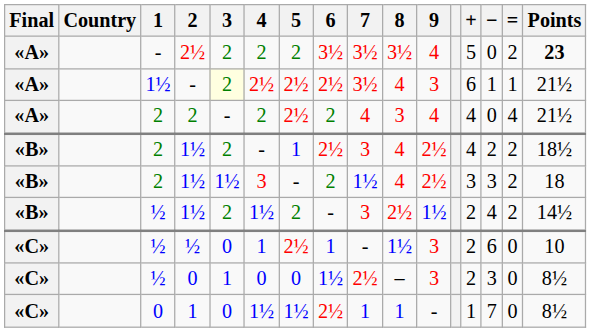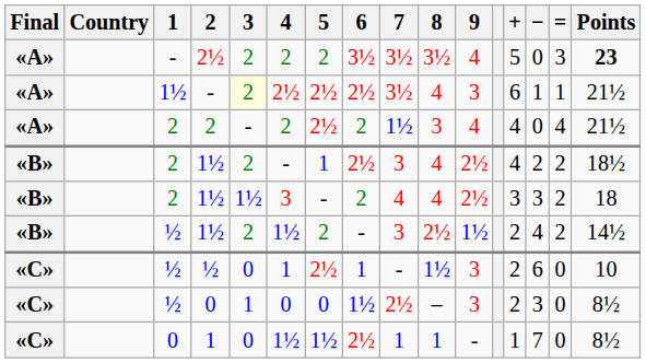 <table class="wikitable" style="text-align:center">
 <tr>
 <th>Final</th>
 <th>Country</th>
 <th>1</th>
 <th>2</th>
 <th>3</th>
 <th>4</th>
 <th>5</th>
 <th>6</th>
 <th>7</th>
 <th>8</th>
 <th>9</th>
 <th></th>
 <th>+</th>
 <th>−</th>
 <th>=</th>
 <th>Points</th>
 </tr>
 <tr>
 <th>«A»</th>
 <td style="text-align: left"></td>
 <td>-</td>
 <td style="color: red;">2½</td>
 <td style="color: green">2</td>
 <td style="color: green">2</td>
 <td style="color: green">2</td>
 <td style="color: red;">3½</td>
 <td style="color: red;">3½</td>
 <td style="color: red;">3½</td>
 <td style="color: red;">4</td>
 <th></th>
 <td>5</td>
 <td>0</td>
-<td>2</td>
+<td>3</td>
 <td><strong>23</strong></td>
 </tr>
 <tr>
 <th>«A»</th>
 <td style="text-align: left"></td>
 <td style="color: blue;">1½</td>
 <td>-</td>
 <td style="background: lightyellow; color: green">2</td>
 <td style="color: red;">2½</td>
 <td style="color: red;">2½</td>
 <td style="color: red;">2½</td>
 <td style="color: red;">3½</td>
 <td style="color: red;">4</td>
 <td style="color: red;">3</td>
 <th></th>
 <td>6</td>
 <td>1</td>
 <td>1</td>
 <td>21½</td>
 </tr>
 <tr>
 <th>«A»</th>
 <td style="text-align: left"></td>
 <td style="color: green">2</td>
 <td style="color: green">2</td>
 <td>-</td>
 <td style="color: green">2</td>
 <td style="color: red;">2½</td>
 <td style="color: green">2</td>
-<td style="color: red;">4</td>
+<td style="color: blue;">1½</td>
 <td style="color: red;">3</td>
 <td style="color: red;">4</td>
 <th></th>
 <td>4</td>
 <td>0</td>
 <td>4</td>
 <td>21½</td>
 </tr>
 <tr style="border-top:2px solid grey;">
 <th>«B»</th>
 <td style="text-align: left"></td>
 <td style="color: green">2</td>
 <td style="color: blue;">1½</td>
 <td style="color: green">2</td>
 <td>-</td>
 <td style="color: blue;">1</td>
 <td style="color: red;">2½</td>
 <td style="color: red;">3</td>
 <td style="color: red;">4</td>
 <td style="color: red;">2½</td>
 <th></th>
 <td>4</td>
 <td>2</td>
 <td>2</td>
 <td>18½</td>
 </tr>
 <tr>
 <th>«B»</th>
 <td style="text-align: left"></td>
 <td style="color: green">2</td>
 <td style="color: blue;">1½</td>
 <td style="color: blue;">1½</td>
 <td style="color: red;">3</td>
 <td>-</td>
 <td style="color: green">2</td>
-<td style="color: blue;">1½</td>
+<td style="color: red;">4</td>
 <td style="color: red;">4</td>
 <td style="color: red;">2½</td>
 <th></th>
 <td>3</td>
 <td>3</td>
 <td>2</td>
 <td>18</td>
 </tr>
 <tr>
 <th>«B»</th>
 <td style="text-align: left"></td>
 <td style="color: blue;">½</td>
 <td style="color: blue;">1½</td>
 <td style="color: green">2</td>
 <td style="color: blue;">1½</td>
 <td style="color: green">2</td>
 <td>-</td>
 <td style="color: red;">3</td>
 <td style="color: red;">2½</td>
 <td style="color: blue;">1½</td>
 <th></th>
 <td>2</td>
 <td>4</td>
 <td>2</td>
 <td>14½</td>
 </tr>
 <tr style="border-top:2px solid grey;">
 <th>«C»</th>
 <td style="text-align: left"></td>
 <td style="color: blue;">½</td>
 <td style="color: blue;">½</td>
 <td style="color: blue;">0</td>
 <td style="color: blue;">1</td>
 <td style="color: red;">2½</td>
 <td style="color: blue;">1</td>
 <td>-</td>
 <td style="color: blue;">1½</td>
 <td style="color: red;">3</td>
 <th></th>
 <td>2</td>
 <td>6</td>
 <td>0</td>
 <td>10</td>
 </tr>
 <tr>
 <th>«C»</th>
 <td style="text-align: left"></td>
 <td style="color: blue;">½</td>
 <td style="color: blue;">0</td>
 <td style="color: blue;">1</td>
 <td style="color: blue;">0</td>
 <td style="color: blue;">0</td>
 <td style="color: blue;">1½</td>
 <td style="color: red;">2½</td>
 <td>–</td>
 <td style="color: red;">3</td>
 <th></th>
 <td>2</td>
 <td>3</td>
 <td>0</td>
 <td>8½</td>
 </tr>
 <tr>
 <th>«C»</th>
 <td style="text-align: left"></td>
 <td style="color: blue;">0</td>
 <td style="color: blue;">1</td>
 <td style="color: blue;">0</td>
 <td style="color: blue;">1½</td>
 <td style="color: blue;">1½</td>
 <td style="color: red;">2½</td>
 <td style="color: blue;">1</td>
 <td style="color: blue;">1</td>
 <td>-</td>
 <th></th>
 <td>1</td>
 <td>7</td>
 <td>0</td>
 <td>8½</td>
 </tr>
 </table>
